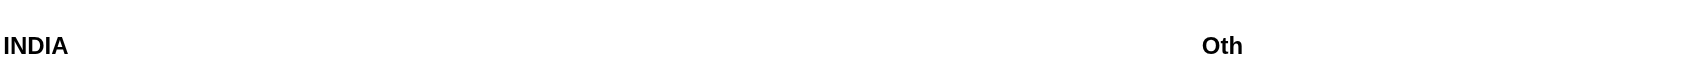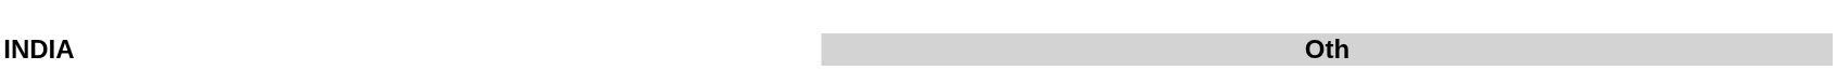 <table style="width:100%; text-align:center;">
 <tr style="color:white;">
 <td style="background:"><strong>10</strong></td>
 <td style="background:"><span><strong>3</strong></span></td>
 </tr>
 <tr>
 <td><span><strong>INDIA</strong></span></td>
-<td><span><strong>Oth</strong></span></td>
+<td style="background: lightgrey;"><span><strong>Oth</strong></span></td>
 </tr>
 </table>
